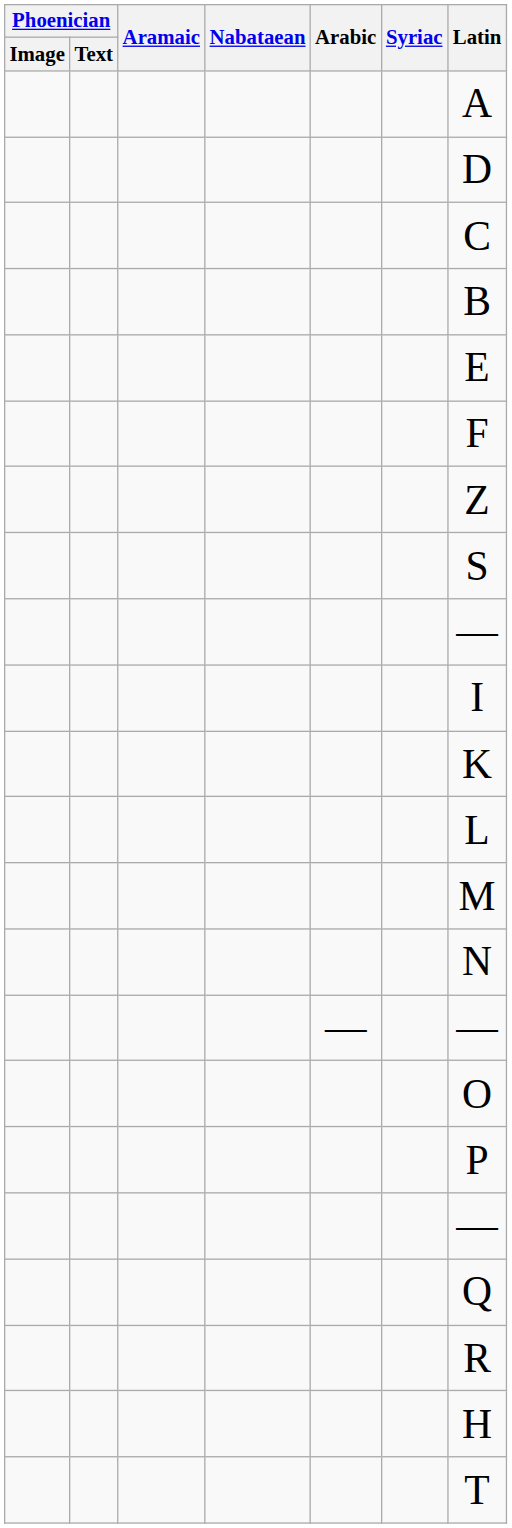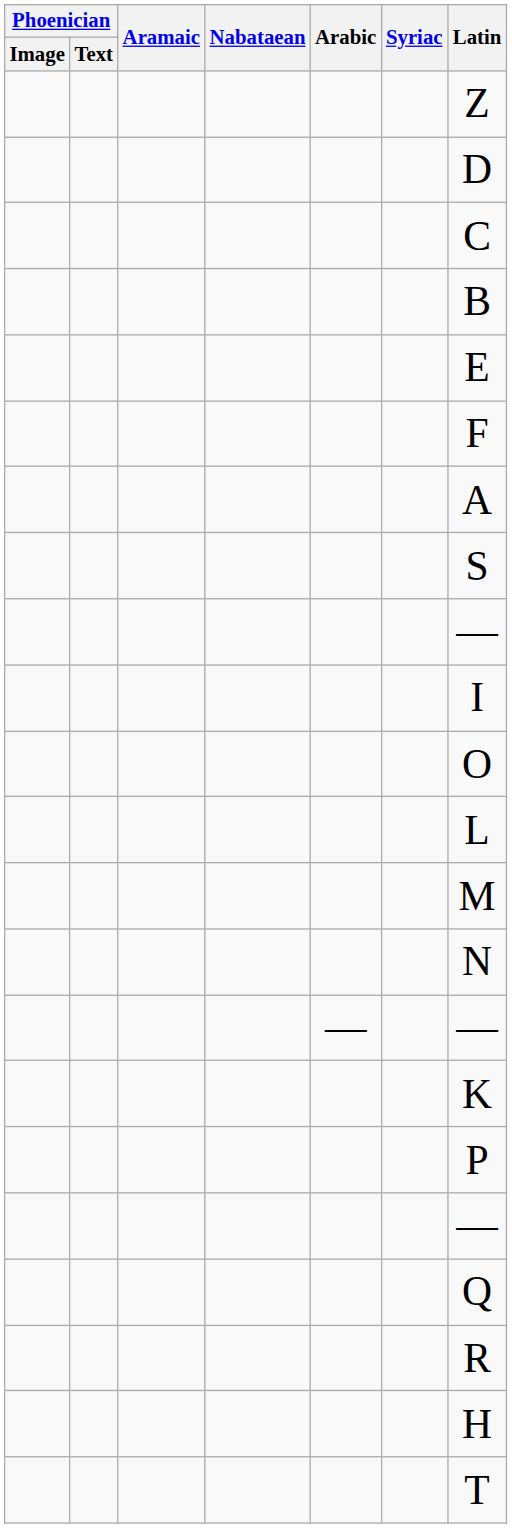 <table class="wikitable" id="letters_chart" style="text-align: center; font-size: 200%;">
 <tr style="font-size: 50%;">
 <th colspan="2"><a href='#'>Phoenician</a></th>
 <th rowspan="2"><a href='#'>Aramaic</a></th>
 <th rowspan="2"><a href='#'>Nabataean</a></th>
 <th rowspan="2">Arabic</th>
 <th rowspan="2"><a href='#'>Syriac</a></th>
 <th rowspan="2">Latin</th>
 </tr>
 <tr style="font-size: 50%;">
 <th>Image</th>
 <th>Text</th>
 </tr>
 <tr>
 <td></td>
 <td></td>
 <td></td>
 <td></td>
 <td></td>
 <td></td>
-<td>A</td>
+<td>Z</td>
 </tr>
 <tr>
 <td></td>
 <td></td>
 <td></td>
 <td></td>
 <td></td>
 <td></td>
 <td>D</td>
 </tr>
 <tr>
 <td></td>
 <td></td>
 <td></td>
 <td></td>
 <td></td>
 <td></td>
 <td>C</td>
 </tr>
 <tr>
 <td></td>
 <td></td>
 <td></td>
 <td></td>
 <td></td>
 <td></td>
 <td>B</td>
 </tr>
 <tr>
 <td></td>
 <td></td>
 <td></td>
 <td></td>
 <td></td>
 <td></td>
 <td>E</td>
 </tr>
 <tr>
 <td></td>
 <td></td>
 <td></td>
 <td></td>
 <td></td>
 <td></td>
 <td>F</td>
 </tr>
 <tr>
 <td></td>
 <td></td>
 <td></td>
 <td></td>
 <td></td>
 <td></td>
-<td>Z</td>
+<td>A</td>
 </tr>
 <tr>
 <td></td>
 <td></td>
 <td></td>
 <td></td>
 <td></td>
 <td></td>
 <td>S</td>
 </tr>
 <tr>
 <td></td>
 <td></td>
 <td></td>
 <td></td>
 <td></td>
 <td></td>
 <td>—</td>
 </tr>
 <tr>
 <td></td>
 <td></td>
 <td></td>
 <td></td>
 <td></td>
 <td></td>
 <td>I</td>
 </tr>
 <tr>
 <td></td>
 <td></td>
 <td></td>
 <td></td>
 <td></td>
 <td></td>
-<td>K</td>
+<td>O</td>
 </tr>
 <tr>
 <td></td>
 <td></td>
 <td></td>
 <td></td>
 <td></td>
 <td></td>
 <td>L</td>
 </tr>
 <tr>
 <td></td>
 <td></td>
 <td></td>
 <td></td>
 <td></td>
 <td></td>
 <td>M</td>
 </tr>
 <tr>
 <td></td>
 <td></td>
 <td></td>
 <td></td>
 <td></td>
 <td></td>
 <td>N</td>
 </tr>
 <tr>
 <td></td>
 <td></td>
 <td></td>
 <td></td>
 <td>—</td>
 <td></td>
 <td>—</td>
 </tr>
 <tr>
 <td></td>
 <td></td>
 <td></td>
 <td></td>
 <td></td>
 <td></td>
-<td>O</td>
+<td>K</td>
 </tr>
 <tr>
 <td></td>
 <td></td>
 <td></td>
 <td></td>
 <td></td>
 <td></td>
 <td>P</td>
 </tr>
 <tr>
 <td></td>
 <td></td>
 <td></td>
 <td></td>
 <td></td>
 <td></td>
 <td>—</td>
 </tr>
 <tr>
 <td></td>
 <td></td>
 <td></td>
 <td></td>
 <td></td>
 <td></td>
 <td>Q</td>
 </tr>
 <tr>
 <td></td>
 <td></td>
 <td></td>
 <td></td>
 <td></td>
 <td></td>
 <td>R</td>
 </tr>
 <tr>
 <td></td>
 <td></td>
 <td></td>
 <td></td>
 <td></td>
 <td></td>
 <td>H</td>
 </tr>
 <tr>
 <td></td>
 <td></td>
 <td></td>
 <td></td>
 <td></td>
 <td></td>
 <td>T</td>
 </tr>
 </table>
